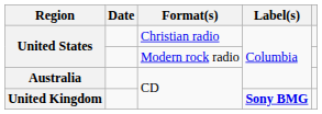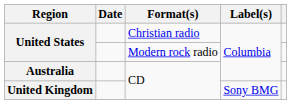 <table class="wikitable plainrowheaders">
 <tr>
 <th scope="col">Region</th>
 <th scope="col">Date</th>
 <th scope="col">Format(s)</th>
 <th scope="col">Label(s)</th>
 <th scope="col"></th>
 </tr>
 <tr>
 <th scope="row" rowspan="2">United States</th>
 <td></td>
 <td><a href='#'>Christian radio</a></td>
 <td rowspan="3"><a href='#'>Columbia</a></td>
 <td></td>
 </tr>
 <tr>
 <td></td>
 <td><a href='#'>Modern rock</a> radio</td>
 <td></td>
 </tr>
 <tr>
 <th scope="row">Australia</th>
 <td></td>
 <td rowspan="2">CD</td>
 <td></td>
 </tr>
 <tr>
 <th scope="row">United Kingdom</th>
 <td></td>
-<td><strong><a href='#'>Sony BMG</a></strong></td>
+<td><a href='#'>Sony BMG</a></td>
 <td></td>
 </tr>
 </table>
